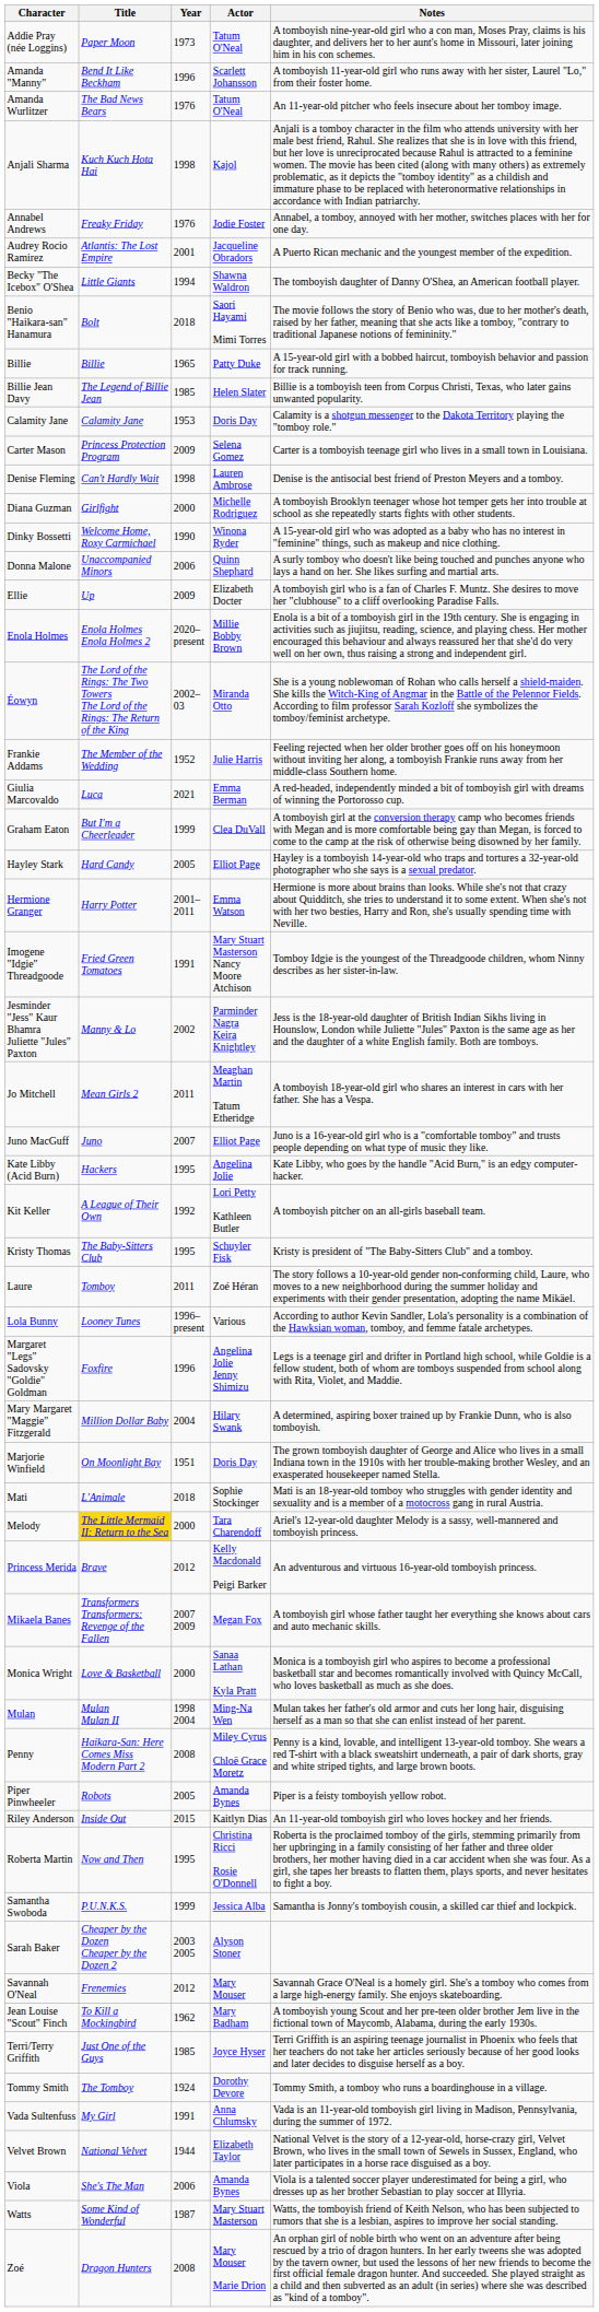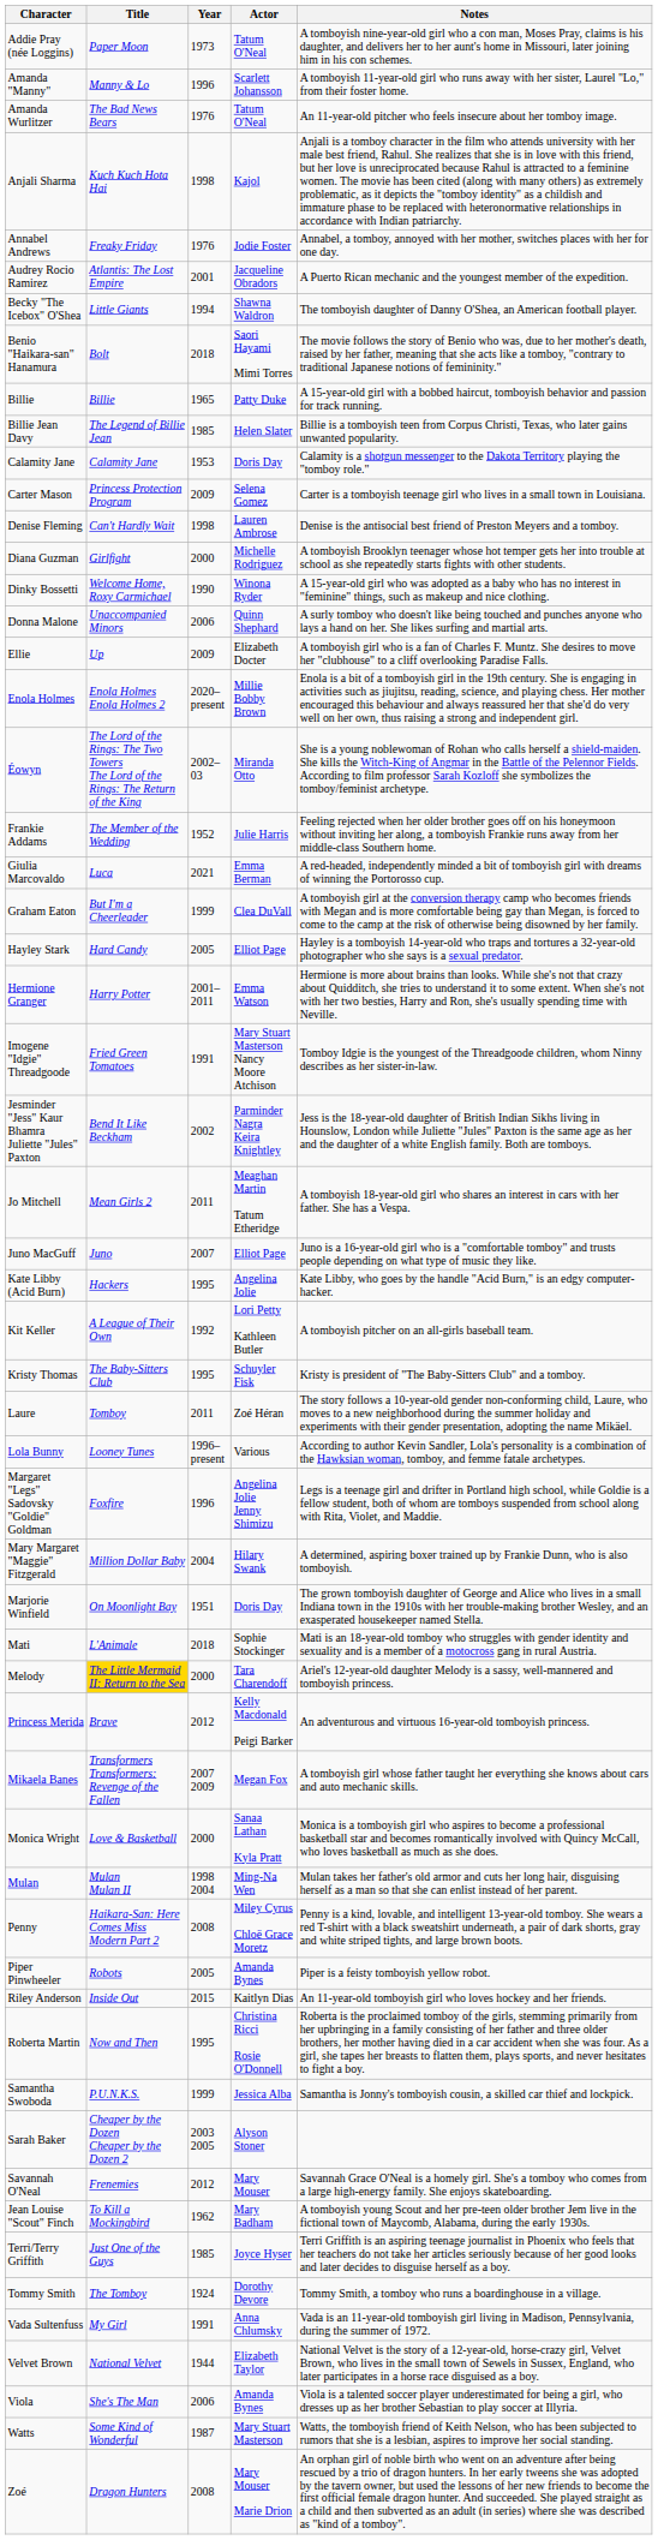 <table class="wikitable sortable" style="width:100%">
 <tr>
 <th>Character</th>
 <th>Title</th>
 <th>Year</th>
 <th>Actor</th>
 <th>Notes</th>
 </tr>
 <tr>
 <td>Addie Pray (née Loggins)</td>
 <td><em><a href='#'>Paper Moon</a></em></td>
 <td>1973</td>
 <td><a href='#'>Tatum O'Neal</a></td>
 <td>A tomboyish nine-year-old girl who a con man, Moses Pray, claims is his daughter, and delivers her to her aunt's home in Missouri, later joining him in his con schemes.</td>
 </tr>
 <tr>
 <td>Amanda "Manny"</td>
-<td><em><a href='#'>Bend It Like Beckham</a></em></td>
+<td><em><a href='#'>Manny & Lo</a></em></td>
 <td>1996</td>
 <td><a href='#'>Scarlett Johansson</a></td>
 <td>A tomboyish 11-year-old girl who runs away with her sister, Laurel "Lo," from their foster home.</td>
 </tr>
 <tr>
 <td>Amanda Wurlitzer</td>
 <td><em><a href='#'>The Bad News Bears</a></em></td>
 <td>1976</td>
 <td><a href='#'>Tatum O'Neal</a></td>
 <td>An 11-year-old pitcher who feels insecure about her tomboy image.</td>
 </tr>
 <tr>
 <td>Anjali Sharma</td>
 <td><em><a href='#'>Kuch Kuch Hota Hai</a></em></td>
 <td>1998</td>
 <td><a href='#'>Kajol</a></td>
 <td>Anjali is a tomboy character in the film who attends university with her male best friend, Rahul. She realizes that she is in love with this friend, but her love is unreciprocated because Rahul is attracted to a feminine women. The movie has been cited (along with many others) as extremely problematic, as it depicts the "tomboy identity" as a childish and immature phase to be replaced with heteronormative relationships in accordance with Indian patriarchy.</td>
 </tr>
 <tr>
 <td>Annabel Andrews</td>
 <td><em><a href='#'>Freaky Friday</a></em></td>
 <td>1976</td>
 <td><a href='#'>Jodie Foster</a></td>
 <td>Annabel, a tomboy, annoyed with her mother, switches places with her for one day.</td>
 </tr>
 <tr>
 <td>Audrey Rocio Ramirez</td>
 <td><em><a href='#'>Atlantis: The Lost Empire</a></em></td>
 <td>2001</td>
 <td><a href='#'>Jacqueline Obradors</a></td>
 <td>A Puerto Rican mechanic and the youngest member of the expedition.</td>
 </tr>
 <tr>
 <td>Becky "The Icebox" O'Shea</td>
 <td><em><a href='#'>Little Giants</a></em></td>
 <td>1994</td>
 <td><a href='#'>Shawna Waldron</a></td>
 <td>The tomboyish daughter of Danny O'Shea, an American football player.</td>
 </tr>
 <tr>
 <td>Benio "Haikara-san" Hanamura</td>
 <td><em><a href='#'>Bolt</a></em></td>
 <td>2018</td>
 <td><a href='#'>Saori Hayami</a><br><br>Mimi Torres<br></td>
 <td>The movie follows the story of Benio who was, due to her mother's death, raised by her father, meaning that she acts like a tomboy, "contrary to traditional Japanese notions of femininity."</td>
 </tr>
 <tr>
 <td>Billie</td>
 <td><em><a href='#'>Billie</a></em></td>
 <td>1965</td>
 <td><a href='#'>Patty Duke</a></td>
 <td>A 15-year-old girl with a bobbed haircut, tomboyish behavior and passion for track running.</td>
 </tr>
 <tr>
 <td>Billie Jean Davy</td>
 <td><em><a href='#'>The Legend of Billie Jean</a></em></td>
 <td>1985</td>
 <td><a href='#'>Helen Slater</a></td>
 <td>Billie is a tomboyish teen from Corpus Christi, Texas, who later gains unwanted popularity.</td>
 </tr>
 <tr>
 <td>Calamity Jane</td>
 <td><em><a href='#'>Calamity Jane</a></em></td>
 <td>1953</td>
 <td><a href='#'>Doris Day</a></td>
 <td>Calamity is a <a href='#'>shotgun messenger</a> to the <a href='#'>Dakota Territory</a> playing the "tomboy role."</td>
 </tr>
 <tr>
 <td>Carter Mason</td>
 <td><em><a href='#'>Princess Protection Program</a></em></td>
 <td>2009</td>
 <td><a href='#'>Selena Gomez</a></td>
 <td>Carter is a tomboyish teenage girl who lives in a small town in Louisiana.</td>
 </tr>
 <tr>
 <td>Denise Fleming</td>
 <td><em><a href='#'>Can't Hardly Wait</a></em></td>
 <td>1998</td>
 <td><a href='#'>Lauren Ambrose</a></td>
 <td>Denise is the antisocial best friend of Preston Meyers and a tomboy.</td>
 </tr>
 <tr>
 <td>Diana Guzman</td>
 <td><em><a href='#'>Girlfight</a></em></td>
 <td>2000</td>
 <td><a href='#'>Michelle Rodriguez</a></td>
 <td>A tomboyish Brooklyn teenager whose hot temper gets her into trouble at school as she repeatedly starts fights with other students.</td>
 </tr>
 <tr>
 <td>Dinky Bossetti</td>
 <td><em><a href='#'>Welcome Home, Roxy Carmichael</a></em></td>
 <td>1990</td>
 <td><a href='#'>Winona Ryder</a></td>
 <td>A 15-year-old girl who was adopted as a baby who has no interest in "feminine" things, such as makeup and nice clothing.</td>
 </tr>
 <tr>
 <td>Donna Malone</td>
 <td><em><a href='#'>Unaccompanied Minors</a></em></td>
 <td>2006</td>
 <td><a href='#'>Quinn Shephard</a></td>
 <td>A surly tomboy who doesn't like being touched and punches anyone who lays a hand on her. She likes surfing and martial arts.</td>
 </tr>
 <tr>
 <td>Ellie</td>
 <td><em><a href='#'>Up</a></em></td>
 <td>2009</td>
 <td>Elizabeth Docter</td>
 <td>A tomboyish girl who is a fan of Charles F. Muntz. She desires to move her "clubhouse" to a cliff overlooking Paradise Falls.</td>
 </tr>
 <tr>
 <td><a href='#'>Enola Holmes</a></td>
 <td><em><a href='#'>Enola Holmes</a></em><br><em><a href='#'>Enola Holmes 2</a></em></td>
 <td>2020–present</td>
 <td><a href='#'>Millie Bobby Brown</a></td>
 <td>Enola is a bit of a tomboyish girl in the 19th century. She is engaging in activities such as jiujitsu, reading, science, and playing chess. Her mother encouraged this behaviour and always reassured her that she'd do very well on her own, thus raising a strong and independent girl.</td>
 </tr>
 <tr>
 <td><a href='#'>Éowyn</a></td>
 <td><em><a href='#'>The Lord of the Rings: The Two Towers</a></em><br><em><a href='#'>The Lord of the Rings: The Return of the King</a></em></td>
 <td>2002–03</td>
 <td><a href='#'>Miranda Otto</a></td>
 <td>She is a young noblewoman of Rohan who calls herself a <a href='#'>shield-maiden</a>. She kills the <a href='#'>Witch-King of Angmar</a> in the <a href='#'>Battle of the Pelennor Fields</a>. According to film professor <a href='#'>Sarah Kozloff</a> she symbolizes the tomboy/feminist archetype.</td>
 </tr>
 <tr>
 <td>Frankie Addams</td>
 <td><em><a href='#'>The Member of the Wedding</a></em> </td>
 <td>1952</td>
 <td><a href='#'>Julie Harris</a></td>
 <td>Feeling rejected when her older brother goes off on his honeymoon without inviting her along, a tomboyish Frankie runs away from her middle-class Southern home.</td>
 </tr>
 <tr>
 <td>Giulia Marcovaldo</td>
 <td><em><a href='#'>Luca</a></em></td>
 <td>2021</td>
 <td><a href='#'>Emma Berman</a></td>
 <td>A red-headed, independently minded a bit of tomboyish girl with dreams of winning the Portorosso cup.</td>
 </tr>
 <tr>
 <td>Graham Eaton</td>
 <td><em><a href='#'>But I'm a Cheerleader</a></em></td>
 <td>1999</td>
 <td><a href='#'>Clea DuVall</a></td>
 <td>A tomboyish girl at the <a href='#'>conversion therapy</a> camp who becomes friends with Megan and is more comfortable being gay than Megan, is forced to come to the camp at the risk of otherwise being disowned by her family.</td>
 </tr>
 <tr>
 <td>Hayley Stark</td>
 <td><em><a href='#'>Hard Candy</a></em></td>
 <td>2005</td>
 <td><a href='#'>Elliot Page</a></td>
 <td>Hayley is a tomboyish 14-year-old who traps and tortures a 32-year-old photographer who she says is a <a href='#'>sexual predator</a>.</td>
 </tr>
 <tr>
 <td><a href='#'>Hermione Granger</a></td>
 <td><em><a href='#'>Harry Potter</a></em></td>
 <td>2001–2011</td>
 <td><a href='#'>Emma Watson</a></td>
 <td>Hermione is more about brains than looks. While she's not that crazy about Quidditch, she tries to understand it to some extent. When she's not with her two besties, Harry and Ron, she's usually spending time with Neville.</td>
 </tr>
 <tr>
 <td>Imogene "Idgie" Threadgoode</td>
 <td><em><a href='#'>Fried Green Tomatoes</a></em><br></td>
 <td>1991</td>
 <td><a href='#'>Mary Stuart Masterson</a><br>Nancy Moore Atchison</td>
 <td>Tomboy Idgie is the youngest of the Threadgoode children, whom Ninny describes as her sister-in-law.</td>
 </tr>
 <tr>
 <td>Jesminder "Jess" Kaur Bhamra<br>Juliette "Jules" Paxton</td>
-<td><em><a href='#'>Manny & Lo</a></em></td>
+<td><em><a href='#'>Bend It Like Beckham</a></em></td>
 <td>2002</td>
 <td><a href='#'>Parminder Nagra</a><br><a href='#'>Keira Knightley</a></td>
 <td>Jess is the 18-year-old daughter of British Indian Sikhs living in Hounslow, London while Juliette "Jules" Paxton is the same age as her and the daughter of a white English family. Both are tomboys.</td>
 </tr>
 <tr>
 <td>Jo Mitchell</td>
 <td><em><a href='#'>Mean Girls 2</a></em></td>
 <td>2011</td>
 <td><a href='#'>Meaghan Martin</a><br><br>Tatum Etheridge<br></td>
 <td>A tomboyish 18-year-old girl who shares an interest in cars with her father. She has a Vespa.</td>
 </tr>
 <tr>
 <td>Juno MacGuff</td>
 <td><em><a href='#'>Juno</a></em></td>
 <td>2007</td>
 <td><a href='#'>Elliot Page</a></td>
 <td>Juno is a 16-year-old girl who is a "comfortable tomboy" and trusts people depending on what type of music they like.</td>
 </tr>
 <tr>
 <td>Kate Libby (Acid Burn)</td>
 <td><em><a href='#'>Hackers</a></em></td>
 <td>1995</td>
 <td><a href='#'>Angelina Jolie</a></td>
 <td>Kate Libby, who goes by the handle "Acid Burn," is an edgy computer-hacker.</td>
 </tr>
 <tr>
 <td>Kit Keller</td>
 <td><em><a href='#'>A League of Their Own</a></em></td>
 <td>1992</td>
 <td><a href='#'>Lori Petty</a><br><br>Kathleen Butler<br></td>
 <td>A tomboyish pitcher on an all-girls baseball team.</td>
 </tr>
 <tr>
 <td>Kristy Thomas</td>
 <td><em><a href='#'>The Baby-Sitters Club</a></em><br></td>
 <td>1995</td>
 <td><a href='#'>Schuyler Fisk</a></td>
 <td>Kristy is president of "The Baby-Sitters Club" and a tomboy.</td>
 </tr>
 <tr>
 <td>Laure</td>
 <td><em><a href='#'>Tomboy</a></em></td>
 <td>2011</td>
 <td>Zoé Héran</td>
 <td>The story follows a 10-year-old gender non-conforming child, Laure, who moves to a new neighborhood during the summer holiday and experiments with their gender presentation, adopting the name Mikäel.</td>
 </tr>
 <tr>
 <td><a href='#'>Lola Bunny</a></td>
 <td><em><a href='#'>Looney Tunes</a></em></td>
 <td>1996–present</td>
 <td>Various</td>
 <td>According to author Kevin Sandler, Lola's personality is a combination of the <a href='#'>Hawksian woman</a>, tomboy, and femme fatale archetypes.</td>
 </tr>
 <tr>
 <td>Margaret "Legs" Sadovsky<br>"Goldie" Goldman</td>
 <td><em><a href='#'>Foxfire</a></em></td>
 <td>1996</td>
 <td><a href='#'>Angelina Jolie</a><br><a href='#'>Jenny Shimizu</a></td>
 <td>Legs is a teenage girl and drifter in Portland high school, while Goldie is a fellow student, both of whom are tomboys suspended from school along with Rita, Violet, and Maddie.</td>
 </tr>
 <tr>
 <td>Mary Margaret "Maggie" Fitzgerald</td>
 <td><em><a href='#'>Million Dollar Baby</a></em></td>
 <td>2004</td>
 <td><a href='#'>Hilary Swank</a></td>
 <td>A determined, aspiring boxer trained up by Frankie Dunn, who is also tomboyish.</td>
 </tr>
 <tr>
 <td>Marjorie Winfield</td>
 <td><em><a href='#'>On Moonlight Bay</a></em></td>
 <td>1951</td>
 <td><a href='#'>Doris Day</a></td>
 <td>The grown tomboyish daughter of George and Alice who lives in a small Indiana town in the 1910s with her trouble-making brother Wesley, and an exasperated housekeeper named Stella.</td>
 </tr>
 <tr>
 <td>Mati</td>
 <td><em><a href='#'>L'Animale</a></em></td>
 <td>2018</td>
 <td>Sophie Stockinger</td>
 <td>Mati is an 18-year-old tomboy who struggles with gender identity and sexuality and is a member of a <a href='#'>motocross</a> gang in rural Austria.</td>
 </tr>
 <tr>
 <td>Melody</td>
 <td style="background: gold;"><em><a href='#'>The Little Mermaid II: Return to the Sea</a></em></td>
 <td>2000</td>
 <td><a href='#'>Tara Charendoff</a></td>
 <td>Ariel's 12-year-old daughter Melody is a sassy, well-mannered and tomboyish princess.</td>
 </tr>
 <tr>
 <td><a href='#'>Princess Merida</a></td>
 <td><em><a href='#'>Brave</a></em></td>
 <td>2012</td>
 <td><a href='#'>Kelly Macdonald</a><br><br>Peigi Barker<br></td>
 <td>An adventurous and virtuous 16-year-old tomboyish princess.</td>
 </tr>
 <tr>
 <td><a href='#'>Mikaela Banes</a></td>
 <td><em><a href='#'>Transformers</a></em><br><em><a href='#'>Transformers: Revenge of the Fallen</a></em></td>
 <td>2007<br>2009</td>
 <td><a href='#'>Megan Fox</a></td>
 <td>A tomboyish girl whose father taught her everything she knows about cars and auto mechanic skills.</td>
 </tr>
 <tr>
 <td>Monica Wright</td>
 <td><em><a href='#'>Love & Basketball</a></em></td>
 <td>2000</td>
 <td><a href='#'>Sanaa Lathan</a><br><br><a href='#'>Kyla Pratt</a><br></td>
 <td>Monica is a tomboyish girl who aspires to become a professional basketball star and becomes romantically involved with Quincy McCall, who loves basketball as much as she does.</td>
 </tr>
 <tr>
 <td><a href='#'>Mulan</a></td>
 <td><em><a href='#'>Mulan</a></em><br><em><a href='#'>Mulan II</a></em></td>
 <td>1998<br>2004</td>
 <td><a href='#'>Ming-Na Wen</a></td>
 <td>Mulan takes her father's old armor and cuts her long hair, disguising herself as a man so that she can enlist instead of her parent.</td>
 </tr>
 <tr>
 <td>Penny</td>
 <td><em><a href='#'>Haikara-San: Here Comes Miss Modern Part 2</a></em></td>
 <td>2008</td>
 <td><a href='#'>Miley Cyrus</a><br><br><a href='#'>Chloë Grace Moretz</a><br></td>
 <td>Penny is a kind, lovable, and intelligent 13-year-old tomboy. She wears a red T-shirt with a black sweatshirt underneath, a pair of dark shorts, gray and white striped tights, and large brown boots.</td>
 </tr>
 <tr>
 <td>Piper Pinwheeler</td>
 <td><em><a href='#'>Robots</a></em></td>
 <td>2005</td>
 <td><a href='#'>Amanda Bynes</a></td>
 <td>Piper is a feisty tomboyish yellow robot.</td>
 </tr>
 <tr>
 <td>Riley Anderson</td>
 <td><em><a href='#'>Inside Out</a></em></td>
 <td>2015</td>
 <td>Kaitlyn Dias</td>
 <td>An 11-year-old tomboyish girl who loves hockey and her friends.</td>
 </tr>
 <tr>
 <td>Roberta Martin</td>
 <td><em><a href='#'>Now and Then</a></em></td>
 <td>1995</td>
 <td><a href='#'>Christina Ricci</a><br><br><a href='#'>Rosie O'Donnell</a><br></td>
 <td>Roberta is the proclaimed tomboy of the girls, stemming primarily from her upbringing in a family consisting of her father and three older brothers, her mother having died in a car accident when she was four. As a girl, she tapes her breasts to flatten them, plays sports, and never hesitates to fight a boy.</td>
 </tr>
 <tr>
 <td>Samantha Swoboda</td>
 <td><em><a href='#'>P.U.N.K.S.</a></em></td>
 <td>1999</td>
 <td><a href='#'>Jessica Alba</a></td>
 <td>Samantha is Jonny's tomboyish cousin, a skilled car thief and lockpick.</td>
 </tr>
 <tr>
 <td>Sarah Baker</td>
 <td><em><a href='#'>Cheaper by the Dozen</a></em><br><em><a href='#'>Cheaper by the Dozen 2</a></em></td>
 <td>2003<br>2005</td>
 <td><a href='#'>Alyson Stoner</a></td>
 <td></td>
 </tr>
 <tr>
 <td>Savannah O'Neal</td>
 <td><em><a href='#'>Frenemies</a></em></td>
 <td>2012</td>
 <td><a href='#'>Mary Mouser</a></td>
 <td>Savannah Grace O'Neal is a homely girl. She's a tomboy who comes from a large high-energy family. She enjoys skateboarding.</td>
 </tr>
 <tr>
 <td>Jean Louise "Scout" Finch</td>
 <td><em><a href='#'>To Kill a Mockingbird</a></em><br></td>
 <td>1962</td>
 <td><a href='#'>Mary Badham</a></td>
 <td>A tomboyish young Scout and her pre-teen older brother Jem live in the fictional town of Maycomb, Alabama, during the early 1930s.</td>
 </tr>
 <tr>
 <td>Terri/Terry Griffith</td>
 <td><em><a href='#'>Just One of the Guys</a></em></td>
 <td>1985</td>
 <td><a href='#'>Joyce Hyser</a></td>
 <td>Terri Griffith is an aspiring teenage journalist in Phoenix who feels that her teachers do not take her articles seriously because of her good looks and later decides to disguise herself as a boy.</td>
 </tr>
 <tr>
 <td>Tommy Smith</td>
 <td><em><a href='#'>The Tomboy</a></em></td>
 <td>1924</td>
 <td><a href='#'>Dorothy Devore</a></td>
 <td>Tommy Smith, a tomboy who runs a boardinghouse in a village.</td>
 </tr>
 <tr>
 <td>Vada Sultenfuss</td>
 <td><em><a href='#'>My Girl</a></em></td>
 <td>1991</td>
 <td><a href='#'>Anna Chlumsky</a></td>
 <td>Vada is an 11-year-old tomboyish girl living in Madison, Pennsylvania, during the summer of 1972.</td>
 </tr>
 <tr>
 <td>Velvet Brown</td>
 <td><em><a href='#'>National Velvet</a></em></td>
 <td>1944</td>
 <td><a href='#'>Elizabeth Taylor</a></td>
 <td>National Velvet is the story of a 12-year-old, horse-crazy girl, Velvet Brown, who lives in the small town of Sewels in Sussex, England, who later participates in a horse race disguised as a boy.</td>
 </tr>
 <tr>
 <td>Viola</td>
 <td><em><a href='#'>She's The Man</a></em></td>
 <td>2006</td>
 <td><a href='#'>Amanda Bynes</a></td>
 <td>Viola is a talented soccer player underestimated for being a girl, who dresses up as her brother Sebastian to play soccer at Illyria.</td>
 </tr>
 <tr>
 <td>Watts</td>
 <td><em><a href='#'>Some Kind of Wonderful</a></em></td>
 <td>1987</td>
 <td><a href='#'>Mary Stuart Masterson</a></td>
 <td>Watts, the tomboyish friend of Keith Nelson, who has been subjected to rumors that she is a lesbian, aspires to improve her social standing.</td>
 </tr>
 <tr>
 <td>Zoé</td>
 <td><em><a href='#'>Dragon Hunters</a></em></td>
 <td>2008</td>
 <td><a href='#'>Mary Mouser</a><br><br><a href='#'>Marie Drion</a><br></td>
 <td>An orphan girl of noble birth who went on an adventure after being rescued by a trio of dragon hunters. In her early tweens she was adopted by the tavern owner, but used the lessons of her new friends to become the first official female dragon hunter. And succeeded. She played straight as a child and then subverted as an adult (in series) where she was described as "kind of a tomboy".</td>
 </tr>
 </table>
